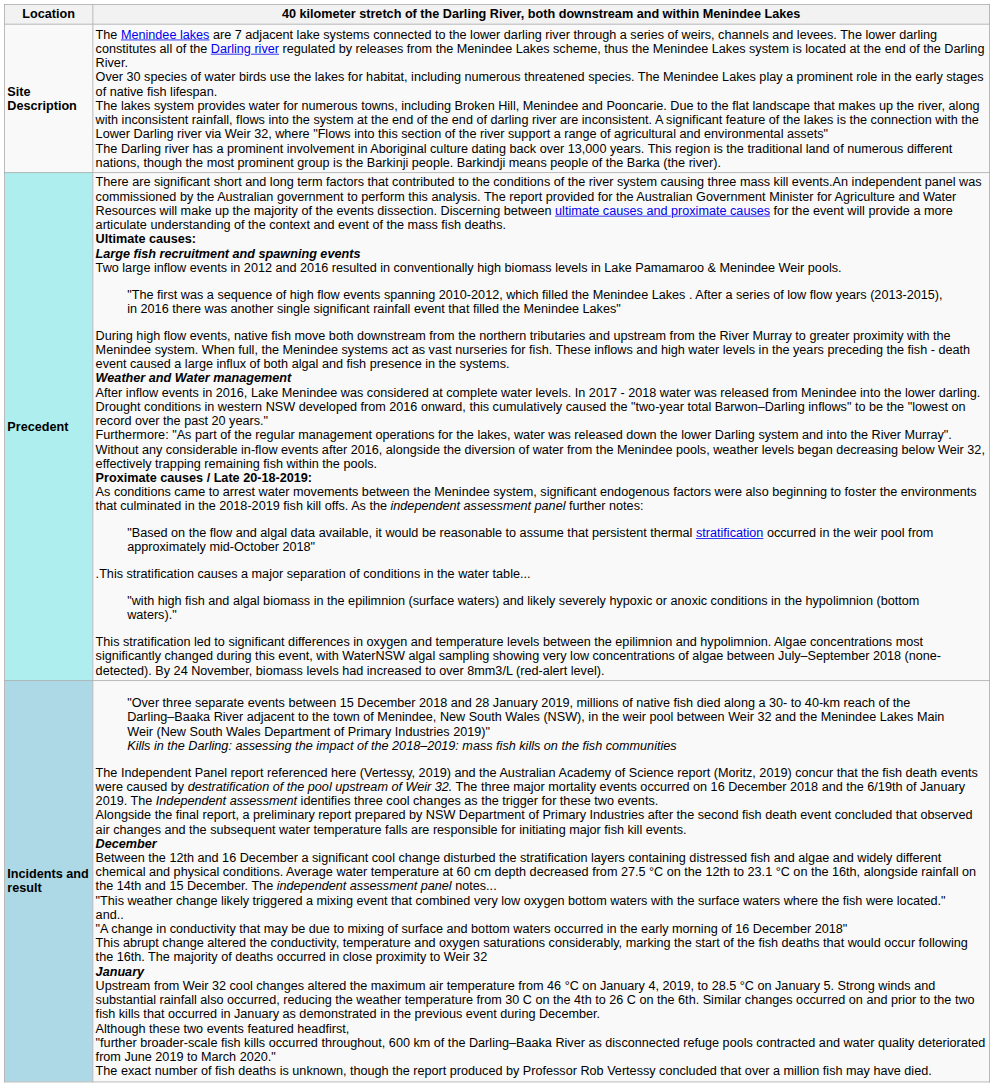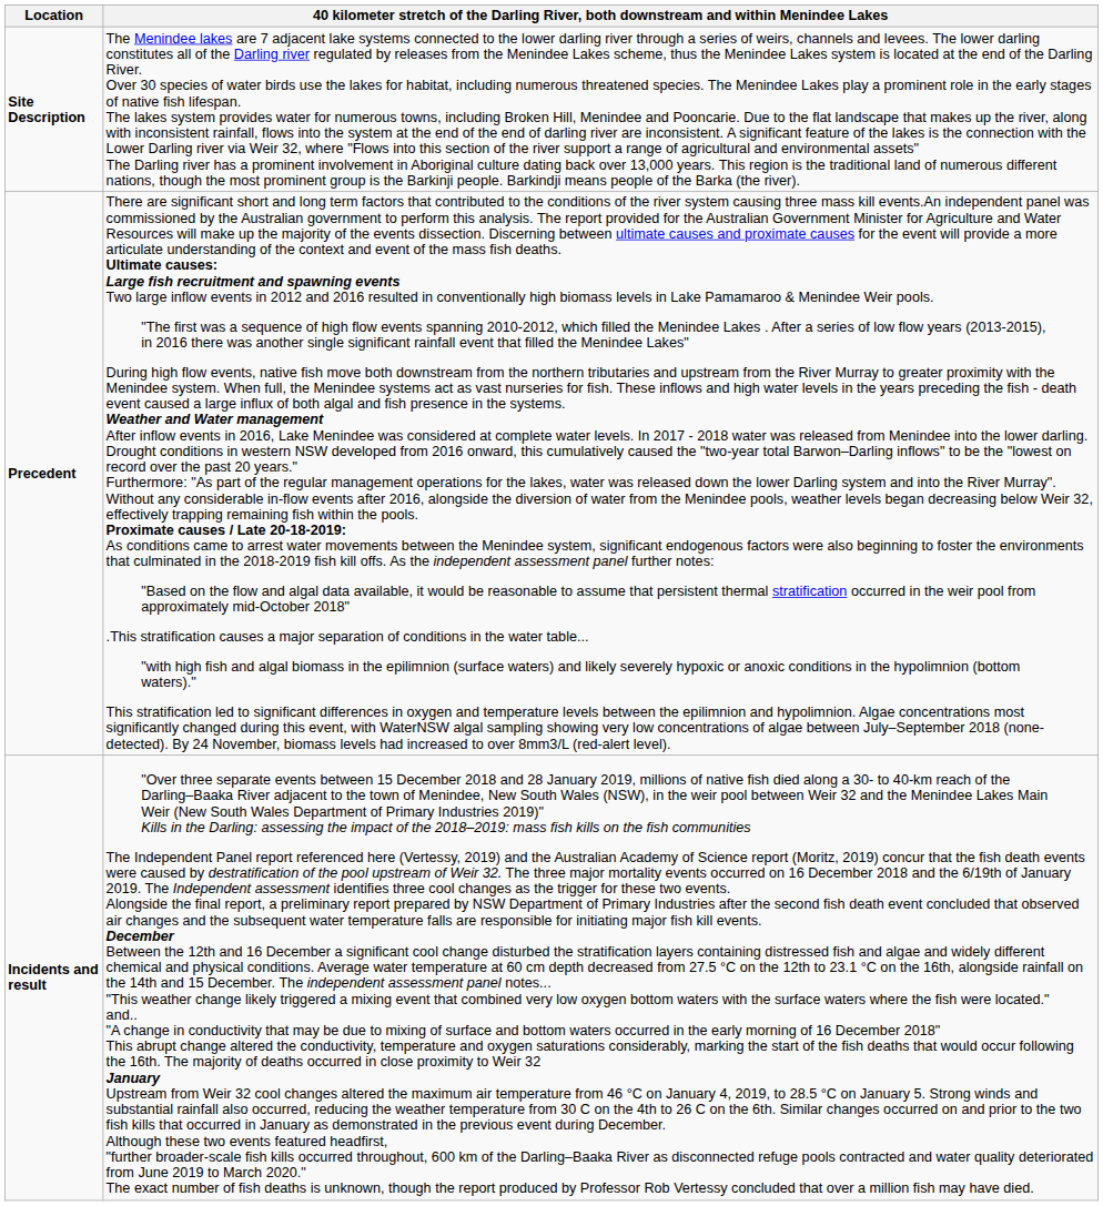 <table class="wikitable">
 <tr>
 <th>Location</th>
 <th>40 kilometer stretch of the Darling River, both downstream and within Menindee Lakes</th>
 </tr>
 <tr>
 <td><strong>Site Description</strong></td>
 <td>The <a href='#'>Menindee lakes</a> are 7 adjacent lake systems connected to the lower darling river through a series of weirs, channels and levees. The lower darling constitutes all of the <a href='#'>Darling river</a> regulated by releases from the Menindee Lakes scheme, thus the Menindee Lakes system is located at the end of the Darling River.<br>Over 30 species of water birds use the lakes for habitat, including numerous threatened species. The Menindee Lakes play a prominent role in the early stages of native fish lifespan.<br>The lakes system provides water for numerous towns, including Broken Hill, Menindee and Pooncarie. Due to the flat landscape that makes up the river, along with inconsistent rainfall, flows into the system at the end of the end of darling river are inconsistent. A significant feature of the lakes is the connection with the Lower Darling river via Weir 32, where "Flows into this section of the river support a range of agricultural and environmental assets"  <br>The Darling river has a prominent involvement in Aboriginal culture dating back over 13,000 years. This region is the traditional land of numerous different nations, though the most prominent group is the Barkinji people. Barkindji means people of the Barka (the river). </td>
 </tr>
 <tr>
-<td style="background: paleturquoise;"><strong>Precedent</strong></td>
+<td><strong>Precedent</strong></td>
 <td>There are significant short and long term factors that contributed to the conditions of the river system causing three mass kill events.An independent panel was commissioned by the Australian government to perform this analysis. The report provided for the Australian Government Minister for Agriculture and Water Resources will make up the majority of the events dissection. Discerning between <a href='#'>ultimate causes and proximate causes</a> for the event will provide a more articulate understanding of the context and event of the mass fish deaths.<br><strong>Ultimate causes:</strong><br><strong><em>Large fish recruitment and spawning events</em></strong><br>Two large inflow events in 2012 and 2016 resulted in conventionally high biomass levels in Lake Pamamaroo & Menindee Weir pools. <blockquote>"The first was a sequence of high flow events spanning 2010-2012, which filled the Menindee Lakes . After a series of low flow years (2013-2015), in 2016 there was another single significant rainfall event that filled the Menindee Lakes"</blockquote>During high flow events, native fish move both downstream from the northern tributaries and upstream from the River Murray to greater proximity with the Menindee system. When full, the Menindee systems act as vast nurseries for fish. These inflows and high water levels in the years preceding the fish - death event caused a large influx of both algal and fish presence in the systems.<br><strong><em>Weather and Water management</em></strong><br>After inflow events in 2016, Lake Menindee was considered at complete water levels. In 2017 - 2018 water was released from Menindee into the lower darling. Drought conditions in western NSW developed from 2016 onward, this cumulatively caused the "two-year total Barwon–Darling inflows" to be the "lowest on record over the past 20 years."<br>Furthermore: "As part of the regular management operations for the lakes, water was released down the lower Darling system and into the River Murray". Without any considerable in-flow events after 2016, alongside the diversion of water from the Menindee pools, weather levels began decreasing below Weir 32, effectively trapping remaining fish within the pools.<br><strong>Proximate causes / Late 20-18-2019:</strong><br>As conditions came to arrest water movements between the Menindee system, significant endogenous factors were also beginning to foster the environments that culminated in the 2018-2019 fish kill offs. As the <em>independent assessment panel</em> further notes: <blockquote>"Based on the flow and algal data available, it would be reasonable to assume that persistent thermal <a href='#'>stratification</a> occurred in the weir pool from approximately mid-October 2018"</blockquote>.This stratification causes a major separation of conditions in the water table...<blockquote>"with high fish and algal biomass in the epilimnion (surface waters) and likely severely hypoxic or anoxic conditions in the hypolimnion (bottom waters)."</blockquote>This stratification led to significant differences in oxygen and temperature levels between the epilimnion and hypolimnion. Algae concentrations most significantly changed during this event, with WaterNSW algal sampling showing very low concentrations of algae between July–September 2018 (none-detected). By 24 November, biomass levels had increased to over 8mm3/L (red-alert level).</td>
 </tr>
 <tr>
-<td style="background: lightblue;"><strong>Incidents and result</strong></td>
+<td><strong>Incidents and result</strong></td>
 <td><blockquote>"Over three separate events between 15 December 2018 and 28 January 2019, millions of native fish died along a 30- to 40-km reach of the Darling–Baaka River adjacent to the town of Menindee, New South Wales (NSW), in the weir pool between Weir 32 and the Menindee Lakes Main Weir (New South Wales Department of Primary Industries 2019)"<br><em>Kills in the Darling: assessing the impact of the 2018–2019: mass fish kills on the fish communities</em></blockquote>The Independent Panel report referenced here (Vertessy, 2019) and the Australian Academy of Science report (Moritz, 2019) concur that the fish death events were caused by <em>destratification of the pool upstream of Weir 32.</em> The three major mortality events occurred on 16 December 2018 and the 6/19th of January 2019.  The <em>Independent assessment</em> identifies three cool changes as the trigger for these two events.<br>Alongside the final report, a preliminary report prepared by NSW Department of Primary Industries after the second fish death event concluded that observed air changes and the subsequent water temperature falls are responsible for initiating major fish kill events.<br><strong><em>December</em></strong><br>Between the 12th and 16 December a significant cool change disturbed the stratification layers containing distressed fish and algae and widely different chemical and physical conditions. Average water temperature at 60 cm depth decreased from 27.5 °C  on the 12th to 23.1 °C  on the 16th, alongside rainfall on the 14th and 15 December. The <em>independent assessment panel</em> notes...<br>"This weather change likely triggered a mixing event that combined very low oxygen bottom waters with the surface waters where the fish were located."<br>and..<br>"A change in conductivity that may be due to mixing of surface and bottom waters occurred in the early morning of 16 December 2018"<br>This abrupt change altered the conductivity, temperature and oxygen saturations considerably, marking the start of the fish deaths that would occur following the 16th. The majority of deaths occurred in close proximity to Weir 32<br><strong><em>January</em></strong><br>Upstream from Weir 32 cool changes altered the maximum air temperature from 46 °C on January 4, 2019, to 28.5 °C  on January 5. Strong winds and substantial rainfall also occurred, reducing the weather temperature from 30 C on the 4th to 26 C on the 6th. Similar changes occurred on and prior to the two fish kills that occurred in January as demonstrated in the previous event during December.  <br>Although these two events featured headfirst,<br>"further broader-scale fish kills occurred throughout, 600 km of the Darling–Baaka River as disconnected refuge pools contracted and water quality deteriorated from June 2019 to March 2020."<br>The exact number of fish deaths is unknown, though the report produced by Professor Rob Vertessy concluded that over a million fish may have died.</td>
 </tr>
 </table>
